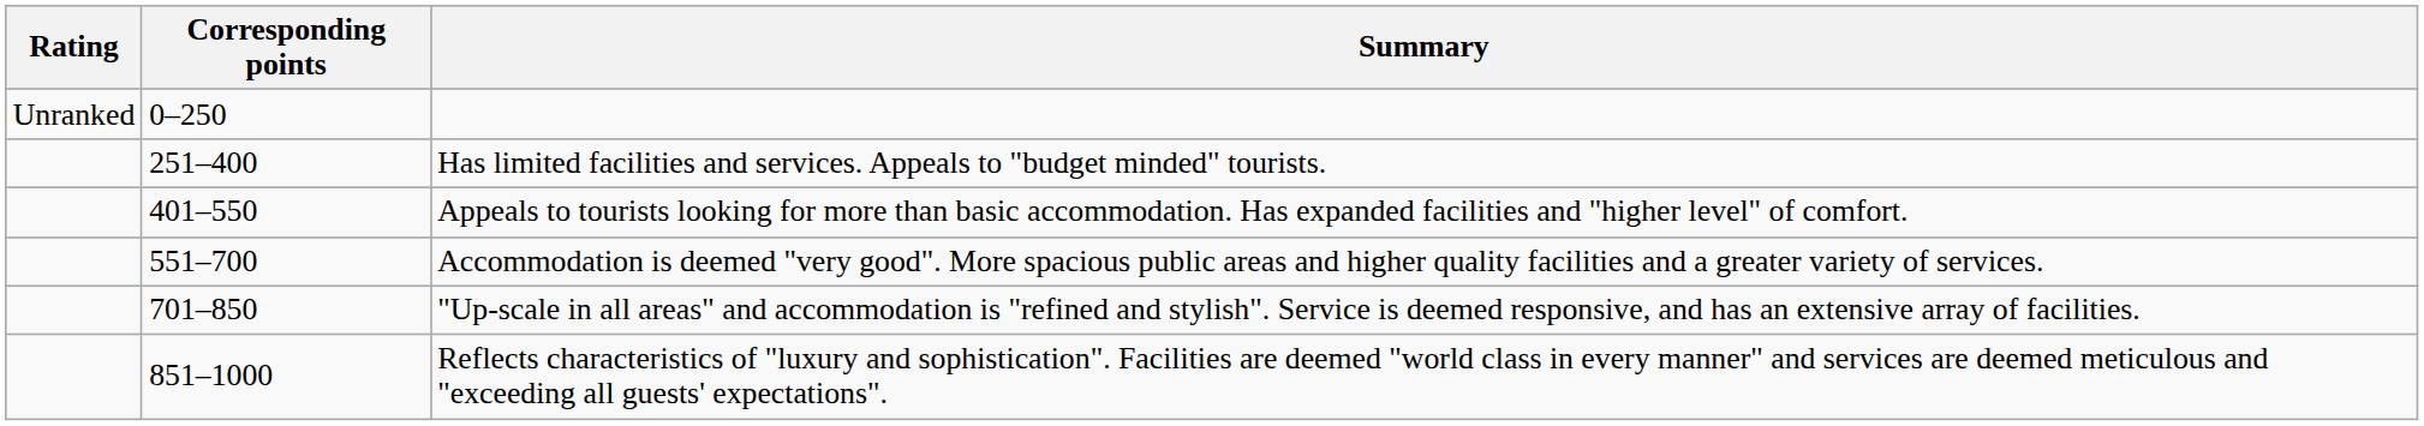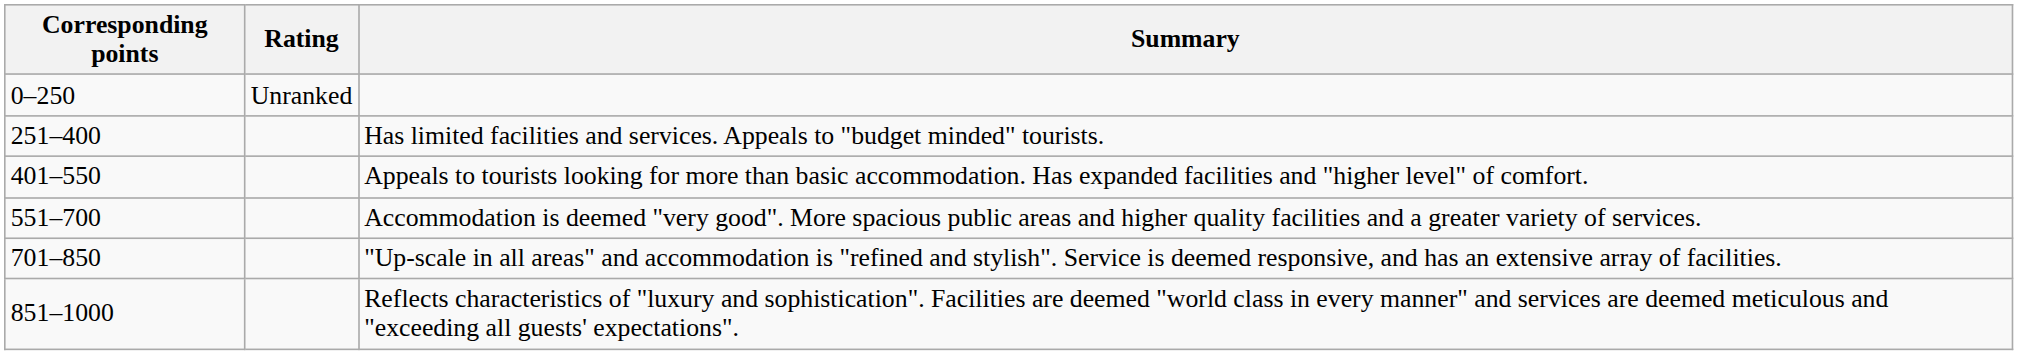 <table class="wikitable">
 <tr>
+<th>Corresponding points</th>
 <th>Rating</th>
-<th>Corresponding points</th>
 <th>Summary</th>
 </tr>
 <tr>
+<td>0–250</td>
 <td>Unranked</td>
-<td>0–250</td>
 <td></td>
 </tr>
 <tr>
+<td>251–400</td>
 <td></td>
-<td>251–400</td>
 <td>Has limited facilities and services. Appeals to "budget minded" tourists.</td>
 </tr>
 <tr>
+<td>401–550</td>
 <td></td>
-<td>401–550</td>
 <td>Appeals to tourists looking for more than basic accommodation. Has expanded facilities and "higher level" of comfort.</td>
 </tr>
 <tr>
+<td>551–700</td>
 <td></td>
-<td>551–700</td>
 <td>Accommodation is deemed "very good". More spacious public areas and higher quality facilities and a greater variety of services.</td>
 </tr>
 <tr>
+<td>701–850</td>
 <td></td>
-<td>701–850</td>
 <td>"Up-scale in all areas" and accommodation is "refined and stylish". Service is deemed responsive, and has an extensive array of facilities.</td>
 </tr>
 <tr>
+<td>851–1000</td>
 <td></td>
-<td>851–1000</td>
 <td>Reflects characteristics of "luxury and sophistication". Facilities are deemed "world class in every manner" and services are deemed meticulous and "exceeding all guests' expectations".</td>
 </tr>
 </table>
